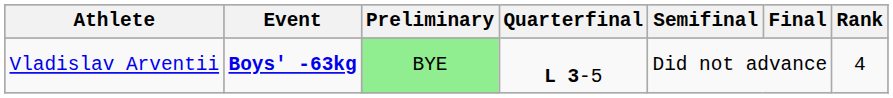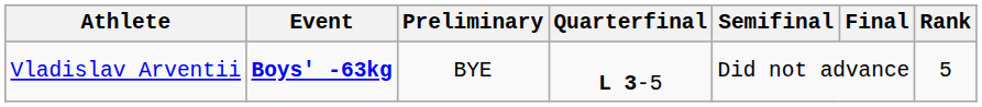 <table class="wikitable" style="text-align:left; font-size:90%">
 <tr>
 <th>Athlete</th>
 <th>Event</th>
 <th>Preliminary</th>
 <th>Quarterfinal</th>
 <th>Semifinal</th>
 <th>Final</th>
 <th>Rank</th>
 </tr>
 <tr>
 <td><a href='#'>Vladislav Arventii</a></td>
 <td><strong><a href='#'>Boys' -63kg</a></strong></td>
-<td align=center style="background: lightgreen;">BYE</td>
+<td align=center>BYE</td>
 <td align=center> <br> <strong>L</strong> <strong>3</strong>-5</td>
 <td align=center colspan=2>Did not advance</td>
-<td align=center>4</td>
+<td align=center>5</td>
 </tr>
 </table>
